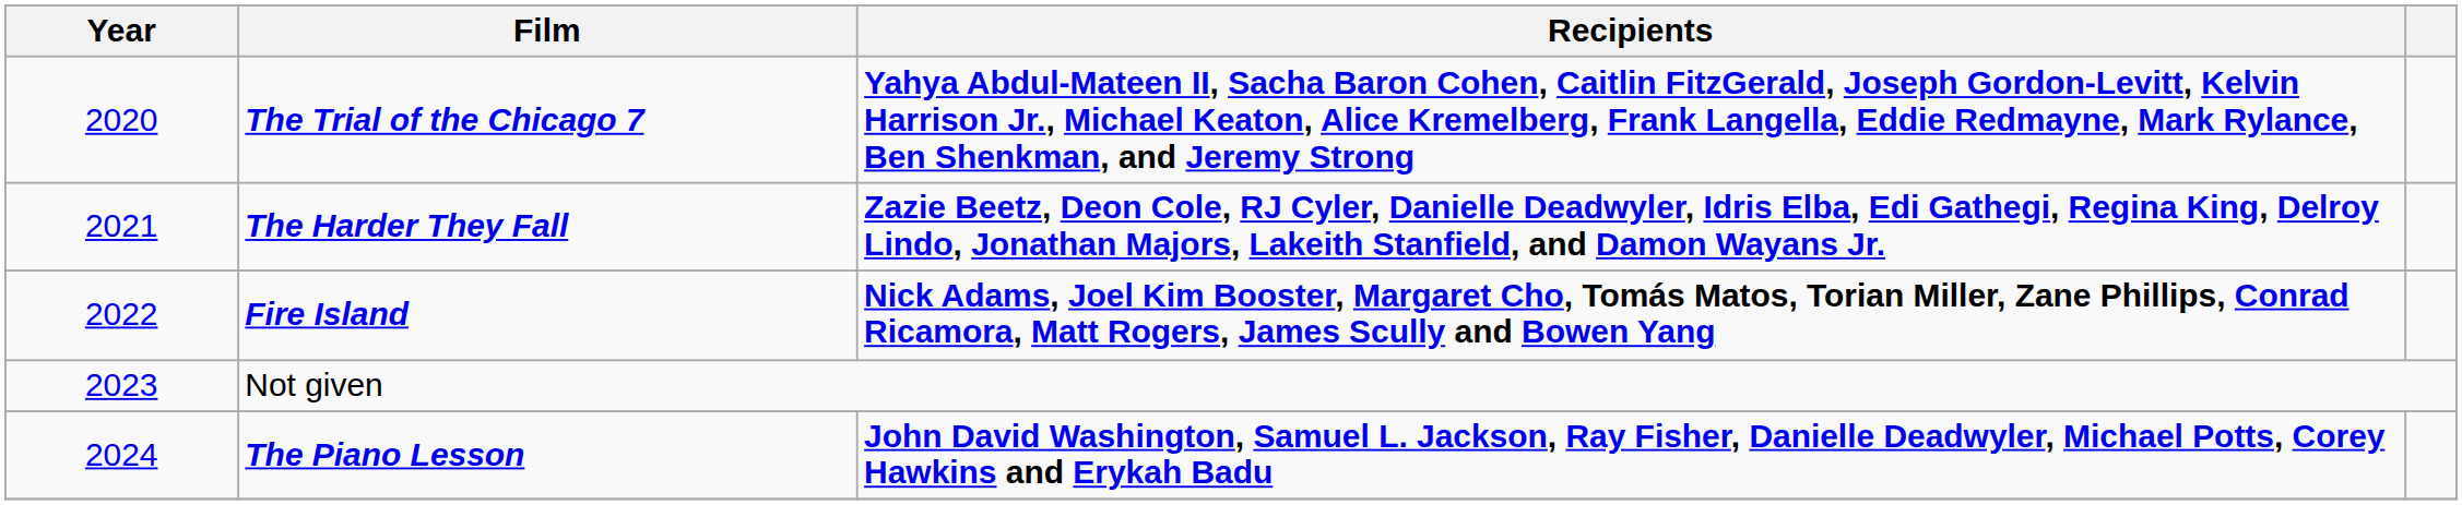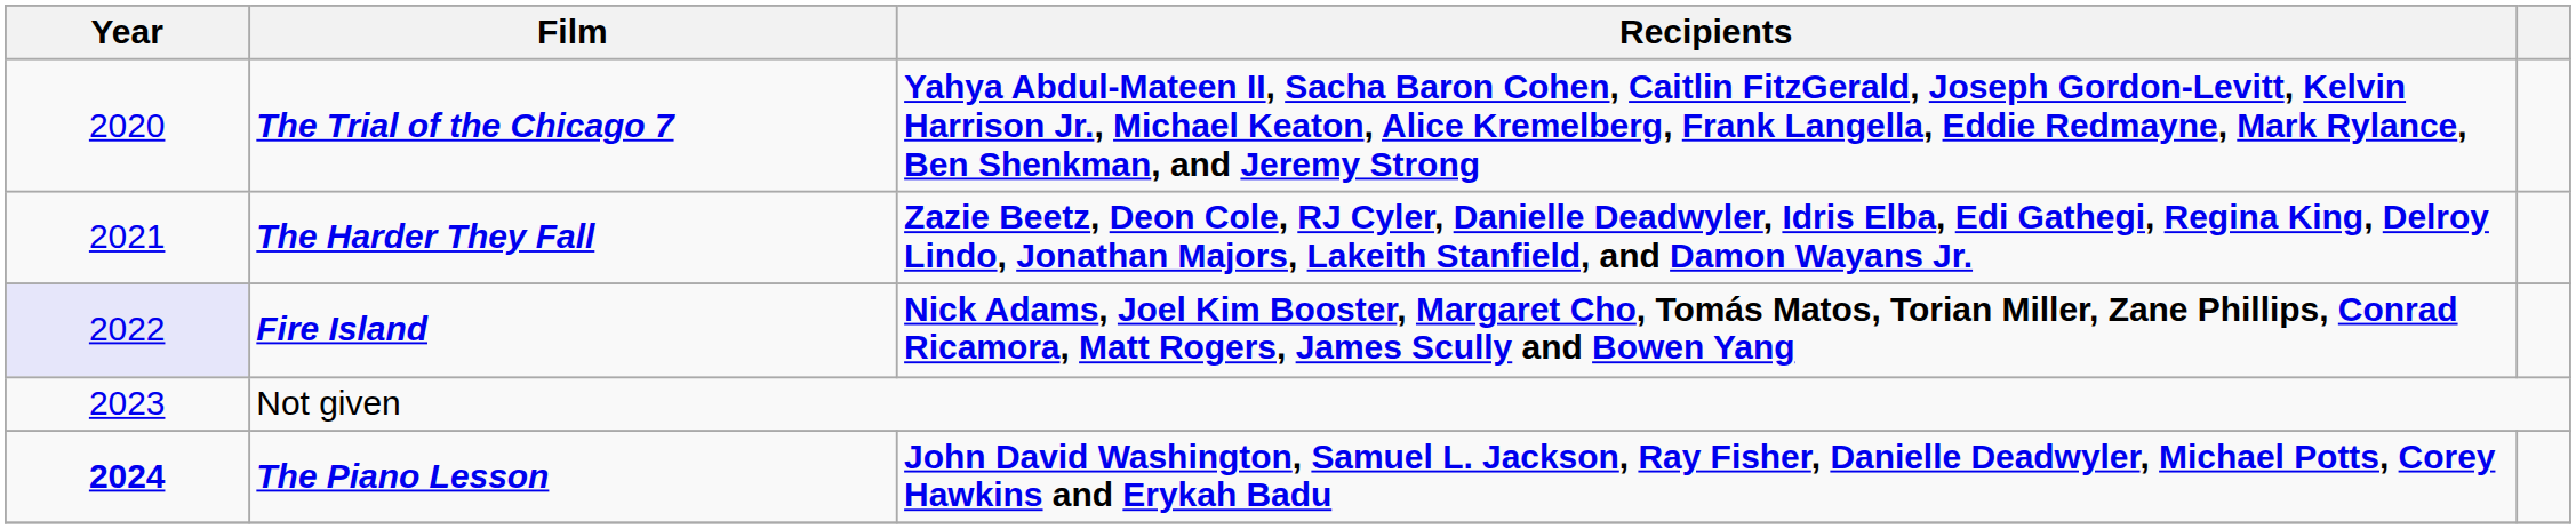 <table class="wikitable" width="95%" cellpadding="5">
 <tr>
 <th width="9%"><strong>Year</strong></th>
 <th width="24%"><strong>Film</strong></th>
 <th width="60%"><strong>Recipients</strong></th>
 <th width="2%"><strong></strong></th>
 </tr>
 <tr>
 <td style="text-align:center;"><a href='#'>2020</a></td>
 <td><strong><em><a href='#'>The Trial of the Chicago 7</a></em></strong></td>
 <td><strong><a href='#'>Yahya Abdul-Mateen II</a>, <a href='#'>Sacha Baron Cohen</a>, <a href='#'>Caitlin FitzGerald</a>, <a href='#'>Joseph Gordon-Levitt</a>, <a href='#'>Kelvin Harrison Jr.</a>, <a href='#'>Michael Keaton</a>, <a href='#'>Alice Kremelberg</a>, <a href='#'>Frank Langella</a>, <a href='#'>Eddie Redmayne</a>, <a href='#'>Mark Rylance</a>, <a href='#'>Ben Shenkman</a>, and <a href='#'>Jeremy Strong</a></strong></td>
 <td style="text-align:center;"></td>
 </tr>
 <tr>
 <td style="text-align:center;"><a href='#'>2021</a></td>
 <td><strong><em><a href='#'>The Harder They Fall</a></em></strong></td>
 <td><strong><a href='#'>Zazie Beetz</a>, <a href='#'>Deon Cole</a>, <a href='#'>RJ Cyler</a>, <a href='#'>Danielle Deadwyler</a>, <a href='#'>Idris Elba</a>, <a href='#'>Edi Gathegi</a>, <a href='#'>Regina King</a>, <a href='#'>Delroy Lindo</a>, <a href='#'>Jonathan Majors</a>, <a href='#'>Lakeith Stanfield</a>, and <a href='#'>Damon Wayans Jr.</a></strong></td>
 <td style="text-align:center;"></td>
 </tr>
 <tr>
-<td style="text-align:center;"><a href='#'>2022</a></td>
+<td style="background: lavender; text-align:center;"><a href='#'>2022</a></td>
 <td><strong><em><a href='#'>Fire Island</a></em></strong></td>
 <td><strong><a href='#'>Nick Adams</a>, <a href='#'>Joel Kim Booster</a>, <a href='#'>Margaret Cho</a>, Tomás Matos, Torian Miller, Zane Phillips, <a href='#'>Conrad Ricamora</a>, <a href='#'>Matt Rogers</a>, <a href='#'>James Scully</a> and <a href='#'>Bowen Yang</a></strong></td>
 <td style="text-align:center;"></td>
 </tr>
 <tr>
 <td style="text-align:center;"><a href='#'>2023</a></td>
 <td colspan="3">Not given</td>
 </tr>
 <tr>
-<td style="text-align:center;"><a href='#'>2024</a></td>
+<td style="text-align:center;"><strong><a href='#'>2024</a></strong></td>
 <td><strong><em><a href='#'>The Piano Lesson</a></em></strong></td>
 <td><strong><a href='#'>John David Washington</a>, <a href='#'>Samuel L. Jackson</a>, <a href='#'>Ray Fisher</a>, <a href='#'>Danielle Deadwyler</a>, <a href='#'>Michael Potts</a>, <a href='#'>Corey Hawkins</a> and <a href='#'>Erykah Badu</a></strong></td>
 <td style="text-align:center;"></td>
 </tr>
 <tr>
 </tr>
 </table>
